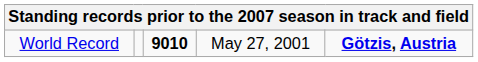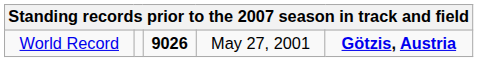 <table class="wikitable" style=" text-align:center;">
 <tr>
 <th colspan="5">Standing records prior to the 2007 season in track and field</th>
 </tr>
 <tr>
 <td><a href='#'>World Record</a></td>
 <td></td>
-<td><strong>9010</strong></td>
+<td><strong>9026</strong></td>
 <td>May 27, 2001</td>
 <td><strong> <a href='#'>Götzis</a>, <a href='#'>Austria</a></strong></td>
 </tr>
 </table>
